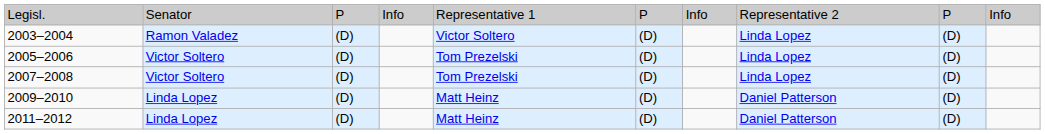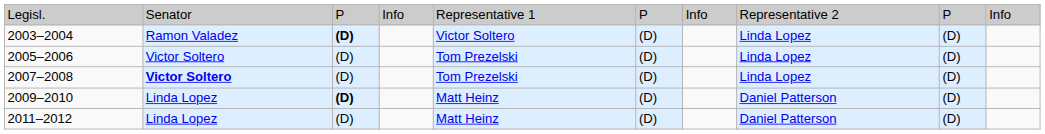 <table class=wikitable width="100%" border="1">
 <tr style="background-color:#cccccc;">
 <td>Legisl.</td>
 <td>Senator</td>
 <td>P</td>
 <td>Info</td>
 <td>Representative 1</td>
 <td>P</td>
 <td>Info</td>
 <td>Representative 2</td>
 <td>P</td>
 <td>Info</td>
 </tr>
 <tr>
 <td>2003–2004</td>
 <td style="background:#DDEEFF"><a href='#'>Ramon Valadez</a></td>
-<td style="background:#DDEEFF">(D)</td>
+<td style="background:#DDEEFF"><strong>(D)</strong></td>
 <td></td>
 <td style="background:#DDEEFF"><a href='#'>Victor Soltero</a></td>
 <td style="background:#DDEEFF">(D)</td>
 <td></td>
 <td style="background:#DDEEFF"><a href='#'>Linda Lopez</a></td>
 <td style="background:#DDEEFF">(D)</td>
 <td></td>
 </tr>
 <tr>
 <td>2005–2006</td>
 <td style="background:#DDEEFF"><a href='#'>Victor Soltero</a></td>
 <td style="background:#DDEEFF">(D)</td>
 <td></td>
 <td style="background:#DDEEFF"><a href='#'>Tom Prezelski</a></td>
 <td style="background:#DDEEFF">(D)</td>
 <td></td>
 <td style="background:#DDEEFF"><a href='#'>Linda Lopez</a></td>
 <td style="background:#DDEEFF">(D)</td>
 <td></td>
 </tr>
 <tr>
 <td>2007–2008</td>
-<td style="background:#DDEEFF"><a href='#'>Victor Soltero</a></td>
+<td style="background:#DDEEFF"><strong><a href='#'>Victor Soltero</a></strong></td>
 <td style="background:#DDEEFF">(D)</td>
 <td></td>
 <td style="background:#DDEEFF"><a href='#'>Tom Prezelski</a></td>
 <td style="background:#DDEEFF">(D)</td>
 <td></td>
 <td style="background:#DDEEFF"><a href='#'>Linda Lopez</a></td>
 <td style="background:#DDEEFF">(D)</td>
 <td></td>
 </tr>
 <tr>
 <td>2009–2010</td>
 <td style="background:#DDEEFF"><a href='#'>Linda Lopez</a></td>
-<td style="background:#DDEEFF">(D)</td>
+<td style="background:#DDEEFF"><strong>(D)</strong></td>
 <td></td>
 <td style="background:#DDEEFF"><a href='#'>Matt Heinz</a></td>
 <td style="background:#DDEEFF">(D)</td>
 <td></td>
 <td style="background:#DDEEFF"><a href='#'>Daniel Patterson</a></td>
 <td style="background:#DDEEFF">(D)</td>
 <td></td>
 </tr>
 <tr>
 <td>2011–2012</td>
 <td style="background:#DDEEFF"><a href='#'>Linda Lopez</a></td>
 <td style="background:#DDEEFF">(D)</td>
 <td></td>
 <td style="background:#DDEEFF"><a href='#'>Matt Heinz</a></td>
 <td style="background:#DDEEFF">(D)</td>
 <td></td>
 <td style="background:#DDEEFF"><a href='#'>Daniel Patterson</a></td>
 <td style="background:#DDEEFF">(D)</td>
 <td></td>
 </tr>
 </table>
